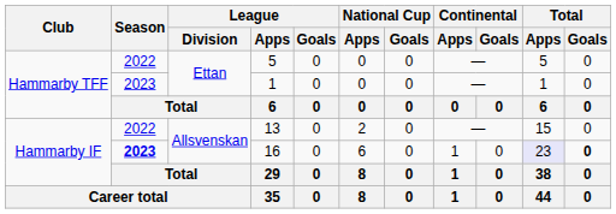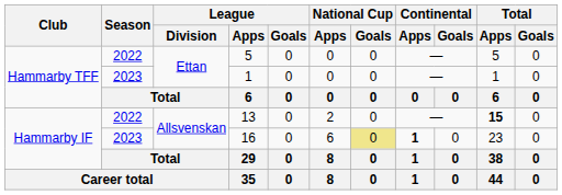 <table class="wikitable" style="text-align:center;">
 <tr>
 <th rowspan="2">Club</th>
 <th rowspan="2">Season</th>
 <th colspan="3">League</th>
 <th colspan="2">National Cup</th>
 <th colspan="2">Continental</th>
 <th colspan="2">Total</th>
 </tr>
 <tr>
 <th>Division</th>
 <th>Apps</th>
 <th>Goals</th>
 <th>Apps</th>
 <th>Goals</th>
 <th>Apps</th>
 <th>Goals</th>
 <th>Apps</th>
 <th>Goals</th>
 </tr>
 <tr>
 <td rowspan="3"><a href='#'>Hammarby TFF</a></td>
 <td><a href='#'>2022</a></td>
 <td rowspan="2"><a href='#'>Ettan</a></td>
 <td>5</td>
 <td>0</td>
 <td>0</td>
 <td>0</td>
 <td colspan="2">—</td>
 <td>5</td>
 <td>0</td>
 </tr>
 <tr>
 <td><a href='#'>2023</a></td>
 <td>1</td>
 <td>0</td>
 <td>0</td>
 <td>0</td>
 <td colspan="2">—</td>
 <td>1</td>
 <td>0</td>
 </tr>
 <tr>
 <th colspan="2">Total</th>
 <th>6</th>
 <th>0</th>
 <th>0</th>
 <th>0</th>
 <th>0</th>
 <th>0</th>
 <th>6</th>
 <th>0</th>
 </tr>
 <tr>
 <td rowspan="3"><a href='#'>Hammarby IF</a></td>
 <td><a href='#'>2022</a></td>
 <td rowspan="2"><a href='#'>Allsvenskan</a></td>
 <td>13</td>
 <td>0</td>
 <td>2</td>
 <td>0</td>
 <td colspan="2">—</td>
-<td>15</td>
+<td><strong>15</strong></td>
 <td>0</td>
 </tr>
 <tr>
-<td><strong><a href='#'>2023</a></strong></td>
+<td><a href='#'>2023</a></td>
 <td>16</td>
 <td>0</td>
 <td>6</td>
+<td style="background: khaki;">0</td>
+<td><strong>1</strong></td>
 <td>0</td>
-<td>1</td>
+<td>23</td>
 <td>0</td>
-<td style="background: lavender;">23</td>
-<td><strong>0</strong></td>
 </tr>
 <tr>
 <th colspan="2">Total</th>
 <th>29</th>
 <th>0</th>
 <th>8</th>
 <th>0</th>
 <th>1</th>
 <th>0</th>
 <th>38</th>
 <th>0</th>
 </tr>
 <tr>
 <th colspan="3">Career total</th>
 <th>35</th>
 <th>0</th>
 <th>8</th>
 <th>0</th>
 <th>1</th>
 <th>0</th>
 <th>44</th>
 <th>0</th>
 </tr>
 </table>
